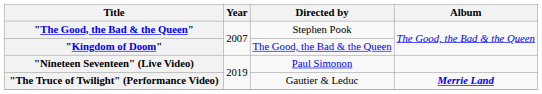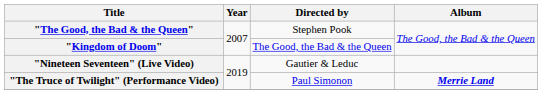 <table class="wikitable plainrowheaders" style="text-align:center;">
 <tr>
 <th scope="col" style="width:20em;">Title</th>
 <th scope="col">Year</th>
 <th scope="col">Directed by</th>
 <th scope="col">Album</th>
 </tr>
 <tr>
 <th scope="row">"<a href='#'>The Good, the Bad & the Queen</a>"</th>
 <td rowspan="2">2007</td>
 <td>Stephen Pook</td>
 <td rowspan="2"><em><a href='#'>The Good, the Bad & the Queen</a></em></td>
 </tr>
 <tr>
 <th scope="row">"<a href='#'>Kingdom of Doom</a>"</th>
 <td><a href='#'>The Good, the Bad & the Queen</a></td>
 </tr>
 <tr>
 <th scope="row">"Nineteen Seventeen" (Live Video)</th>
 <td rowspan="2">2019</td>
-<td><a href='#'>Paul Simonon</a></td>
+<td>Gautier & Leduc</td>
 <td></td>
 </tr>
 <tr>
 <th scope="row">"The Truce of Twilight" (Performance Video)</th>
-<td>Gautier & Leduc</td>
+<td><a href='#'>Paul Simonon</a></td>
 <td><strong><em><a href='#'>Merrie Land</a></em></strong></td>
 </tr>
 <tr>
 </tr>
 </table>
